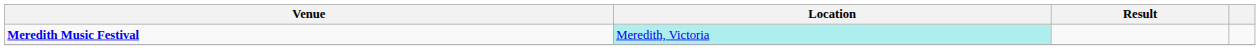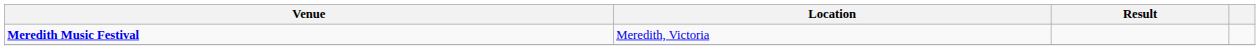 <table class="wikitable" width=100%>
 <tr>
 <th scope="col">Venue</th>
 <th scope="col">Location</th>
 <th scope="col">Result</th>
 <th scope="col"></th>
 </tr>
 <tr>
 <td><strong><a href='#'>Meredith Music Festival</a></strong></td>
-<td style="background: paleturquoise;"><a href='#'>Meredith, Victoria</a></td>
+<td><a href='#'>Meredith, Victoria</a></td>
 <td></td>
 <td></td>
 </tr>
 <tr>
 </tr>
 </table>
